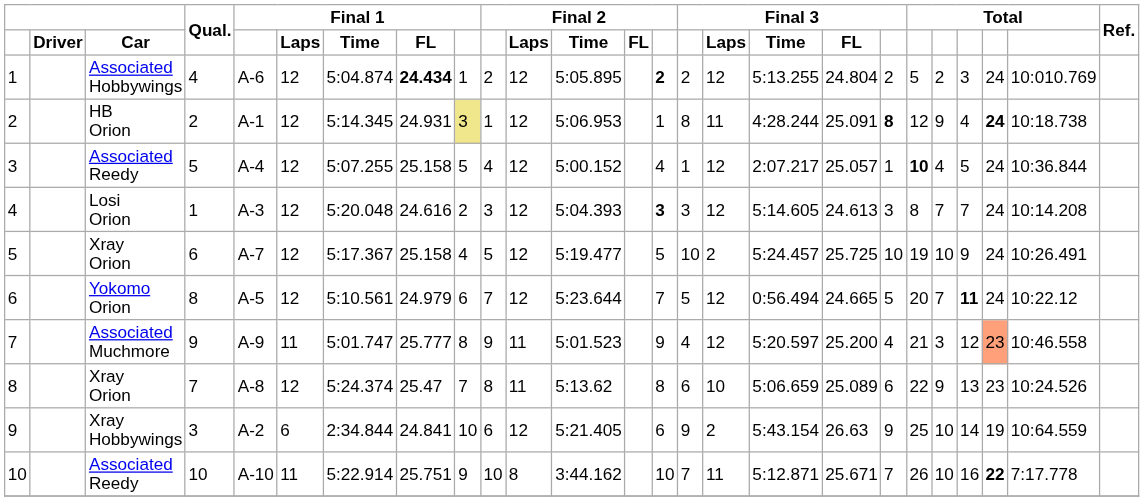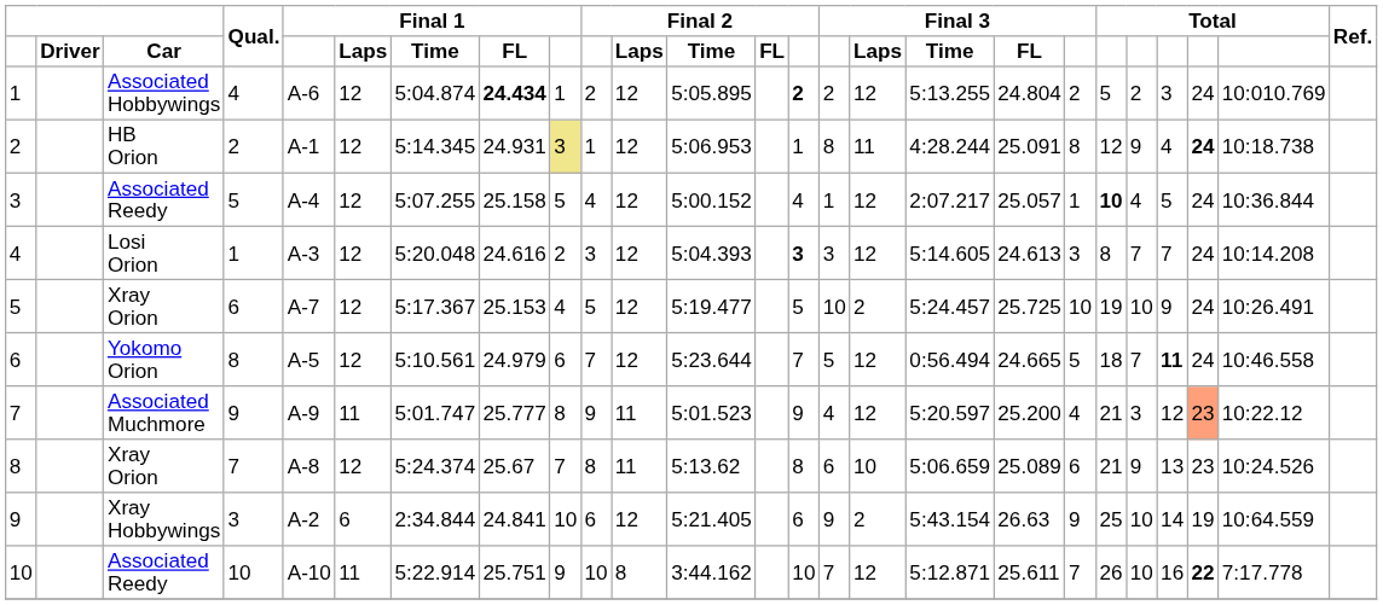 <table border="2" cellpadding="2" cellspacing="0" style="margin:0 1em 0 0; border:1px #aaa solid; border-collapse:collapse; font-size:85%;">
 <tr>
 <th colspan="3"></th>
 <th rowspan="2" style="text-align:center;">Qual.</th>
 <th colspan="5" style="text-align:center;">Final 1</th>
 <th colspan="5" style="text-align:center;">Final 2</th>
 <th colspan="5" style="text-align:center;">Final 3</th>
 <th colspan="5" style="text-align:center;">Total</th>
 <th rowspan="2" style="text-align:center;">Ref.</th>
 </tr>
 <tr>
 <th style="text-align:center;"></th>
 <th style="text-align:center;">Driver</th>
 <th style="text-align:center;">Car</th>
 <th style="text-align:center;"></th>
 <th style="text-align:center;">Laps</th>
 <th style="text-align:center;">Time</th>
 <th style="text-align:center;">FL</th>
 <th style="text-align:center;"></th>
 <th style="text-align:center;"></th>
 <th style="text-align:center;">Laps</th>
 <th style="text-align:center;">Time</th>
 <th style="text-align:center;">FL</th>
 <th style="text-align:center;"></th>
 <th style="text-align:center;"></th>
 <th style="text-align:center;">Laps</th>
 <th style="text-align:center;">Time</th>
 <th style="text-align:center;">FL</th>
 <th style="text-align:center;"></th>
 <th style="text-align:center;"></th>
 <th style="text-align:center;"></th>
 <th style="text-align:center;"></th>
 <th style="text-align:center;"></th>
 <th style="text-align:center;"></th>
 </tr>
 <tr>
 <td>1</td>
 <td></td>
 <td><a href='#'>Associated</a><br> Hobbywings</td>
 <td>4</td>
 <td>A-6</td>
 <td>12</td>
 <td>5:04.874</td>
 <td><strong>24.434</strong></td>
 <td>1</td>
 <td>2</td>
 <td>12</td>
 <td>5:05.895</td>
 <td></td>
 <td><strong>2</strong></td>
 <td>2</td>
 <td>12</td>
 <td>5:13.255</td>
 <td>24.804</td>
 <td>2</td>
 <td>5</td>
 <td>2</td>
 <td>3</td>
 <td>24</td>
 <td>10:010.769</td>
 <td><br>   </td>
 </tr>
 <tr>
 <td>2</td>
 <td></td>
 <td>HB<br> Orion</td>
 <td>2</td>
 <td>A-1</td>
 <td>12</td>
 <td>5:14.345</td>
 <td>24.931</td>
 <td style="background: khaki;">3</td>
 <td>1</td>
 <td>12</td>
 <td>5:06.953</td>
 <td></td>
 <td>1</td>
 <td>8</td>
 <td>11</td>
 <td>4:28.244</td>
 <td>25.091</td>
-<td><strong>8</strong></td>
+<td>8</td>
 <td>12</td>
 <td>9</td>
 <td>4</td>
 <td><strong>24</strong></td>
 <td>10:18.738</td>
 <td></td>
 </tr>
 <tr>
 <td>3</td>
 <td></td>
 <td><a href='#'>Associated</a><br> Reedy</td>
 <td>5</td>
 <td>A-4</td>
 <td>12</td>
 <td>5:07.255</td>
 <td>25.158</td>
 <td>5</td>
 <td>4</td>
 <td>12</td>
 <td>5:00.152</td>
 <td></td>
 <td>4</td>
 <td>1</td>
 <td>12</td>
 <td>2:07.217</td>
 <td>25.057</td>
 <td>1</td>
 <td><strong>10</strong></td>
 <td>4</td>
 <td>5</td>
 <td>24</td>
 <td>10:36.844</td>
 <td></td>
 </tr>
 <tr>
 <td>4</td>
 <td></td>
 <td>Losi<br> Orion</td>
 <td>1</td>
 <td>A-3</td>
 <td>12</td>
 <td>5:20.048</td>
 <td>24.616</td>
 <td>2</td>
 <td>3</td>
 <td>12</td>
 <td>5:04.393</td>
 <td></td>
 <td><strong>3</strong></td>
 <td>3</td>
 <td>12</td>
 <td>5:14.605</td>
 <td>24.613</td>
 <td>3</td>
 <td>8</td>
 <td>7</td>
 <td>7</td>
 <td>24</td>
 <td>10:14.208</td>
 <td></td>
 </tr>
 <tr>
 <td>5</td>
 <td></td>
 <td>Xray<br> Orion</td>
 <td>6</td>
 <td>A-7</td>
 <td>12</td>
 <td>5:17.367</td>
-<td>25.158</td>
+<td>25.153</td>
 <td>4</td>
 <td>5</td>
 <td>12</td>
 <td>5:19.477</td>
 <td></td>
 <td>5</td>
 <td>10</td>
 <td>2</td>
 <td>5:24.457</td>
 <td>25.725</td>
 <td>10</td>
 <td>19</td>
 <td>10</td>
 <td>9</td>
 <td>24</td>
 <td>10:26.491</td>
 <td></td>
 </tr>
 <tr>
 <td>6</td>
 <td></td>
 <td><a href='#'>Yokomo</a><br> Orion</td>
 <td>8</td>
 <td>A-5</td>
 <td>12</td>
 <td>5:10.561</td>
 <td>24.979</td>
 <td>6</td>
 <td>7</td>
 <td>12</td>
 <td>5:23.644</td>
 <td></td>
 <td>7</td>
 <td>5</td>
 <td>12</td>
 <td>0:56.494</td>
 <td>24.665</td>
 <td>5</td>
-<td>20</td>
+<td>18</td>
 <td>7</td>
 <td><strong>11</strong></td>
 <td>24</td>
-<td>10:22.12</td>
+<td>10:46.558</td>
 <td></td>
 </tr>
 <tr>
 <td>7</td>
 <td></td>
 <td><a href='#'>Associated</a><br> Muchmore</td>
 <td>9</td>
 <td>A-9</td>
 <td>11</td>
 <td>5:01.747</td>
 <td>25.777</td>
 <td>8</td>
 <td>9</td>
 <td>11</td>
 <td>5:01.523</td>
 <td></td>
 <td>9</td>
 <td>4</td>
 <td>12</td>
 <td>5:20.597</td>
 <td>25.200</td>
 <td>4</td>
 <td>21</td>
 <td>3</td>
 <td>12</td>
 <td style="background: lightsalmon;">23</td>
-<td>10:46.558</td>
+<td>10:22.12</td>
 <td></td>
 </tr>
 <tr>
 <td>8</td>
 <td></td>
 <td>Xray<br> Orion</td>
 <td>7</td>
 <td>A-8</td>
 <td>12</td>
 <td>5:24.374</td>
-<td>25.47</td>
+<td>25.67</td>
 <td>7</td>
 <td>8</td>
 <td>11</td>
 <td>5:13.62</td>
 <td></td>
 <td>8</td>
 <td>6</td>
 <td>10</td>
 <td>5:06.659</td>
 <td>25.089</td>
 <td>6</td>
-<td>22</td>
+<td>21</td>
 <td>9</td>
 <td>13</td>
 <td>23</td>
 <td>10:24.526</td>
 <td></td>
 </tr>
 <tr>
 <td>9</td>
 <td></td>
 <td>Xray<br> Hobbywings</td>
 <td>3</td>
 <td>A-2</td>
 <td>6</td>
 <td>2:34.844</td>
 <td>24.841</td>
 <td>10</td>
 <td>6</td>
 <td>12</td>
 <td>5:21.405</td>
 <td></td>
 <td>6</td>
 <td>9</td>
 <td>2</td>
 <td>5:43.154</td>
 <td>26.63</td>
 <td>9</td>
 <td>25</td>
 <td>10</td>
 <td>14</td>
 <td>19</td>
 <td>10:64.559</td>
 <td></td>
 </tr>
 <tr>
 <td>10</td>
 <td></td>
 <td><a href='#'>Associated</a><br> Reedy</td>
 <td>10</td>
 <td>A-10</td>
 <td>11</td>
 <td>5:22.914</td>
 <td>25.751</td>
 <td>9</td>
 <td>10</td>
 <td>8</td>
 <td>3:44.162</td>
 <td></td>
 <td>10</td>
 <td>7</td>
-<td>11</td>
+<td>12</td>
 <td>5:12.871</td>
-<td>25.671</td>
+<td>25.611</td>
 <td>7</td>
 <td>26</td>
 <td>10</td>
 <td>16</td>
 <td><strong>22</strong></td>
 <td>7:17.778</td>
 <td></td>
 </tr>
 <tr>
 </tr>
 </table>
